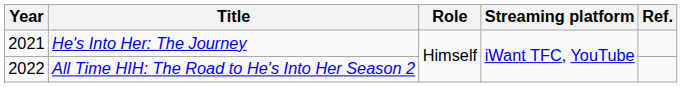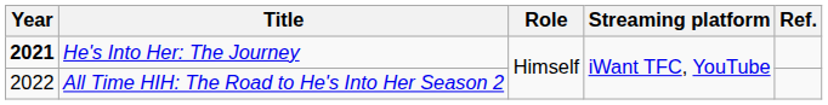 <table class="wikitable">
 <tr>
 <th>Year</th>
 <th>Title</th>
 <th>Role</th>
 <th>Streaming platform</th>
 <th>Ref.</th>
 </tr>
 <tr>
-<td>2021</td>
+<td><strong>2021</strong></td>
 <td><em><a href='#'>He's Into Her: The Journey</a></em></td>
 <td rowspan="2">Himself</td>
 <td rowspan="2"><a href='#'>iWant TFC</a>, <a href='#'>YouTube</a></td>
 <td></td>
 </tr>
 <tr>
 <td>2022</td>
 <td><em><a href='#'>All Time HIH: The Road to He's Into Her Season 2</a></em></td>
 <td></td>
 </tr>
 </table>
